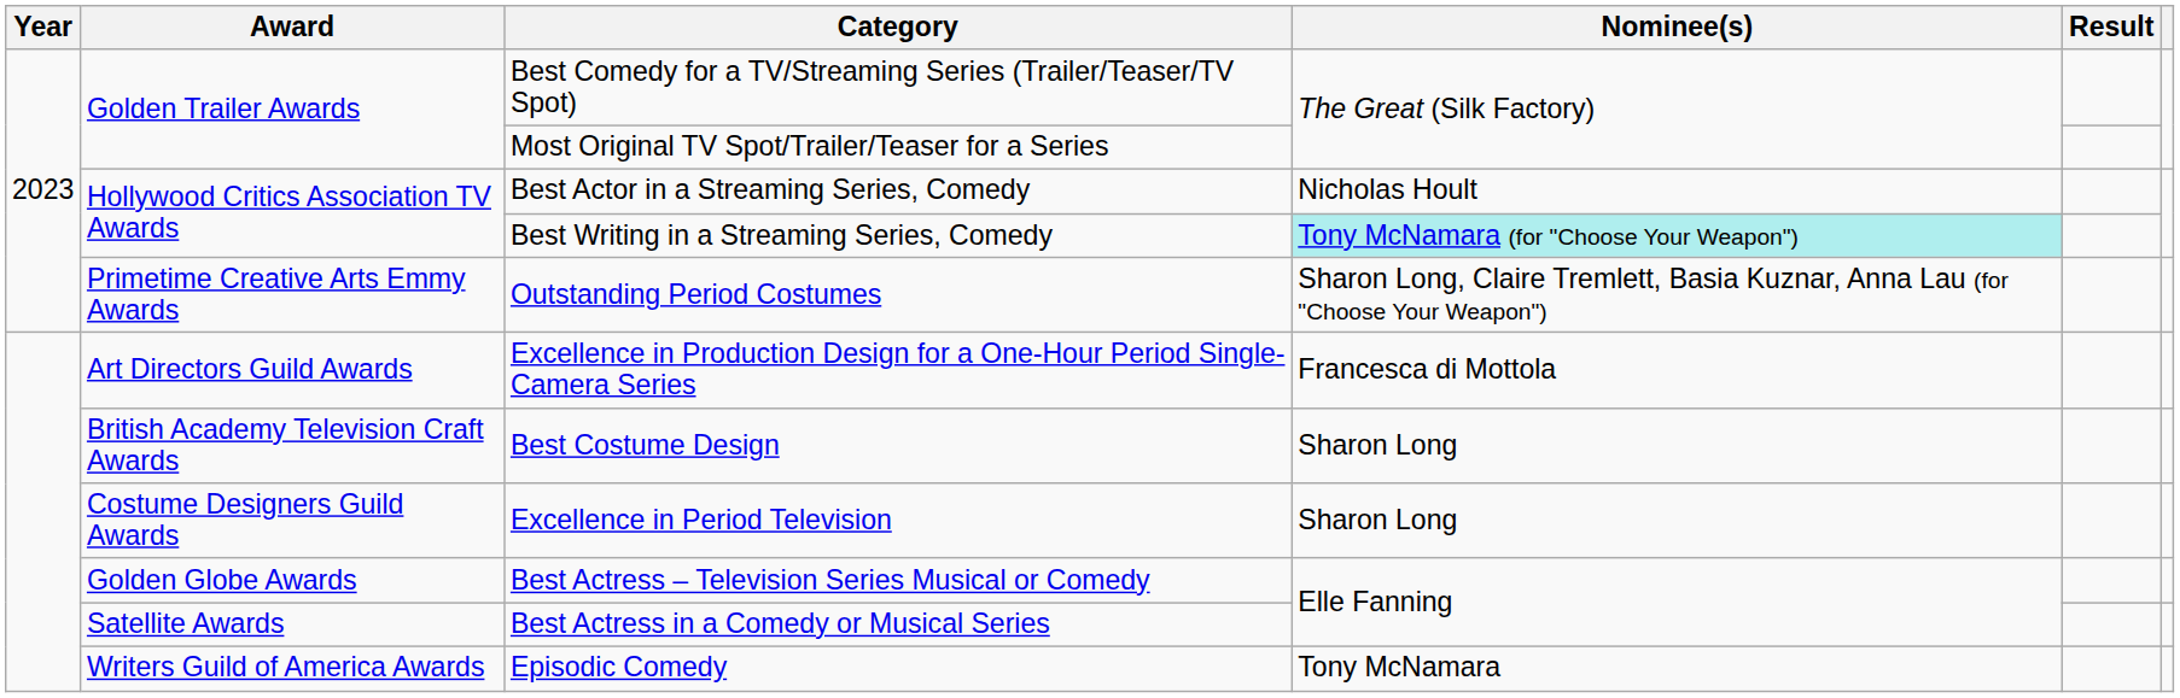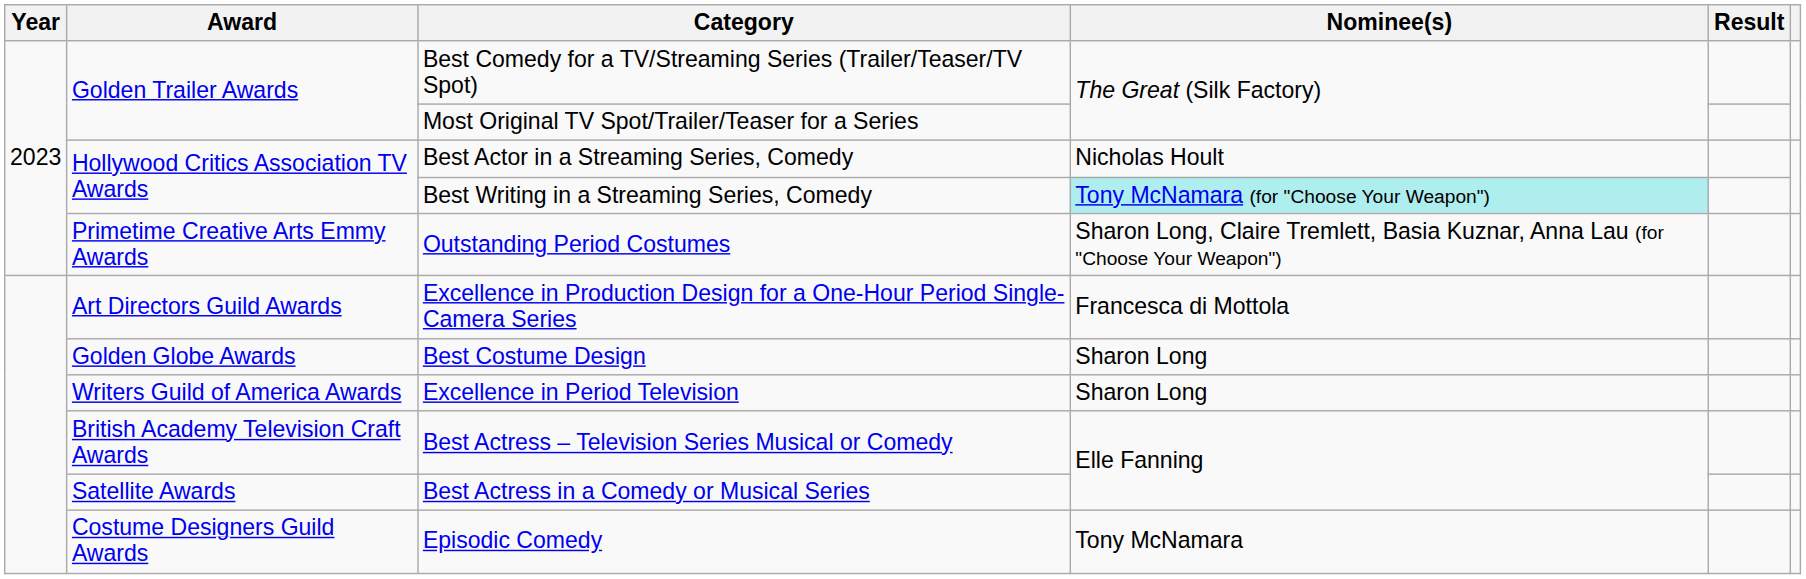 <table class="wikitable sortable">
 <tr>
 <th>Year</th>
 <th>Award</th>
 <th>Category</th>
 <th>Nominee(s)</th>
 <th>Result</th>
 <th></th>
 </tr>
 <tr>
 <td rowspan="5">2023</td>
 <td rowspan="2"><a href='#'>Golden Trailer Awards</a></td>
 <td>Best Comedy for a TV/Streaming Series (Trailer/Teaser/TV Spot)</td>
 <td rowspan="2"><em>The Great</em> (Silk Factory)</td>
 <td></td>
 <td rowspan="2" style="text-align:center;"></td>
 </tr>
 <tr>
 <td>Most Original TV Spot/Trailer/Teaser for a Series</td>
 <td></td>
 </tr>
 <tr>
 <td rowspan="2"><a href='#'>Hollywood Critics Association TV Awards</a></td>
 <td>Best Actor in a Streaming Series, Comedy</td>
 <td>Nicholas Hoult</td>
 <td></td>
 <td rowspan="2" align="center"></td>
 </tr>
 <tr>
 <td>Best Writing in a Streaming Series, Comedy</td>
 <td style="background: paleturquoise;"><a href='#'>Tony McNamara</a> <small>(for "Choose Your Weapon")</small></td>
 <td></td>
 </tr>
 <tr>
 <td><a href='#'>Primetime Creative Arts Emmy Awards</a></td>
 <td><a href='#'>Outstanding Period Costumes</a></td>
 <td>Sharon Long, Claire Tremlett, Basia Kuznar, Anna Lau <small>(for "Choose Your Weapon")</small></td>
 <td></td>
 <td align="center"></td>
 </tr>
 <tr>
 <td rowspan="6"></td>
 <td><a href='#'>Art Directors Guild Awards</a></td>
 <td><a href='#'>Excellence in Production Design for a One-Hour Period Single-Camera Series</a></td>
 <td>Francesca di Mottola </td>
 <td></td>
 <td align="center"></td>
 </tr>
 <tr>
-<td><a href='#'>British Academy Television Craft Awards</a></td>
+<td><a href='#'>Golden Globe Awards</a></td>
 <td><a href='#'>Best Costume Design</a></td>
 <td>Sharon Long</td>
 <td></td>
 <td align="center"></td>
 </tr>
 <tr>
-<td><a href='#'>Costume Designers Guild Awards</a></td>
+<td><a href='#'>Writers Guild of America Awards</a></td>
 <td><a href='#'>Excellence in Period Television</a></td>
 <td>Sharon Long </td>
 <td></td>
 <td align="center"></td>
 </tr>
 <tr>
-<td><a href='#'>Golden Globe Awards</a></td>
+<td><a href='#'>British Academy Television Craft Awards</a></td>
 <td><a href='#'>Best Actress – Television Series Musical or Comedy</a></td>
 <td rowspan="2">Elle Fanning</td>
 <td></td>
 <td align="center"></td>
 </tr>
 <tr>
 <td><a href='#'>Satellite Awards</a></td>
 <td><a href='#'>Best Actress in a Comedy or Musical Series</a></td>
 <td></td>
 <td align="center"></td>
 </tr>
 <tr>
-<td><a href='#'>Writers Guild of America Awards</a></td>
+<td><a href='#'>Costume Designers Guild Awards</a></td>
 <td><a href='#'>Episodic Comedy</a></td>
 <td>Tony McNamara </td>
 <td></td>
 <td style="text-align:center;"></td>
 </tr>
 </table>
